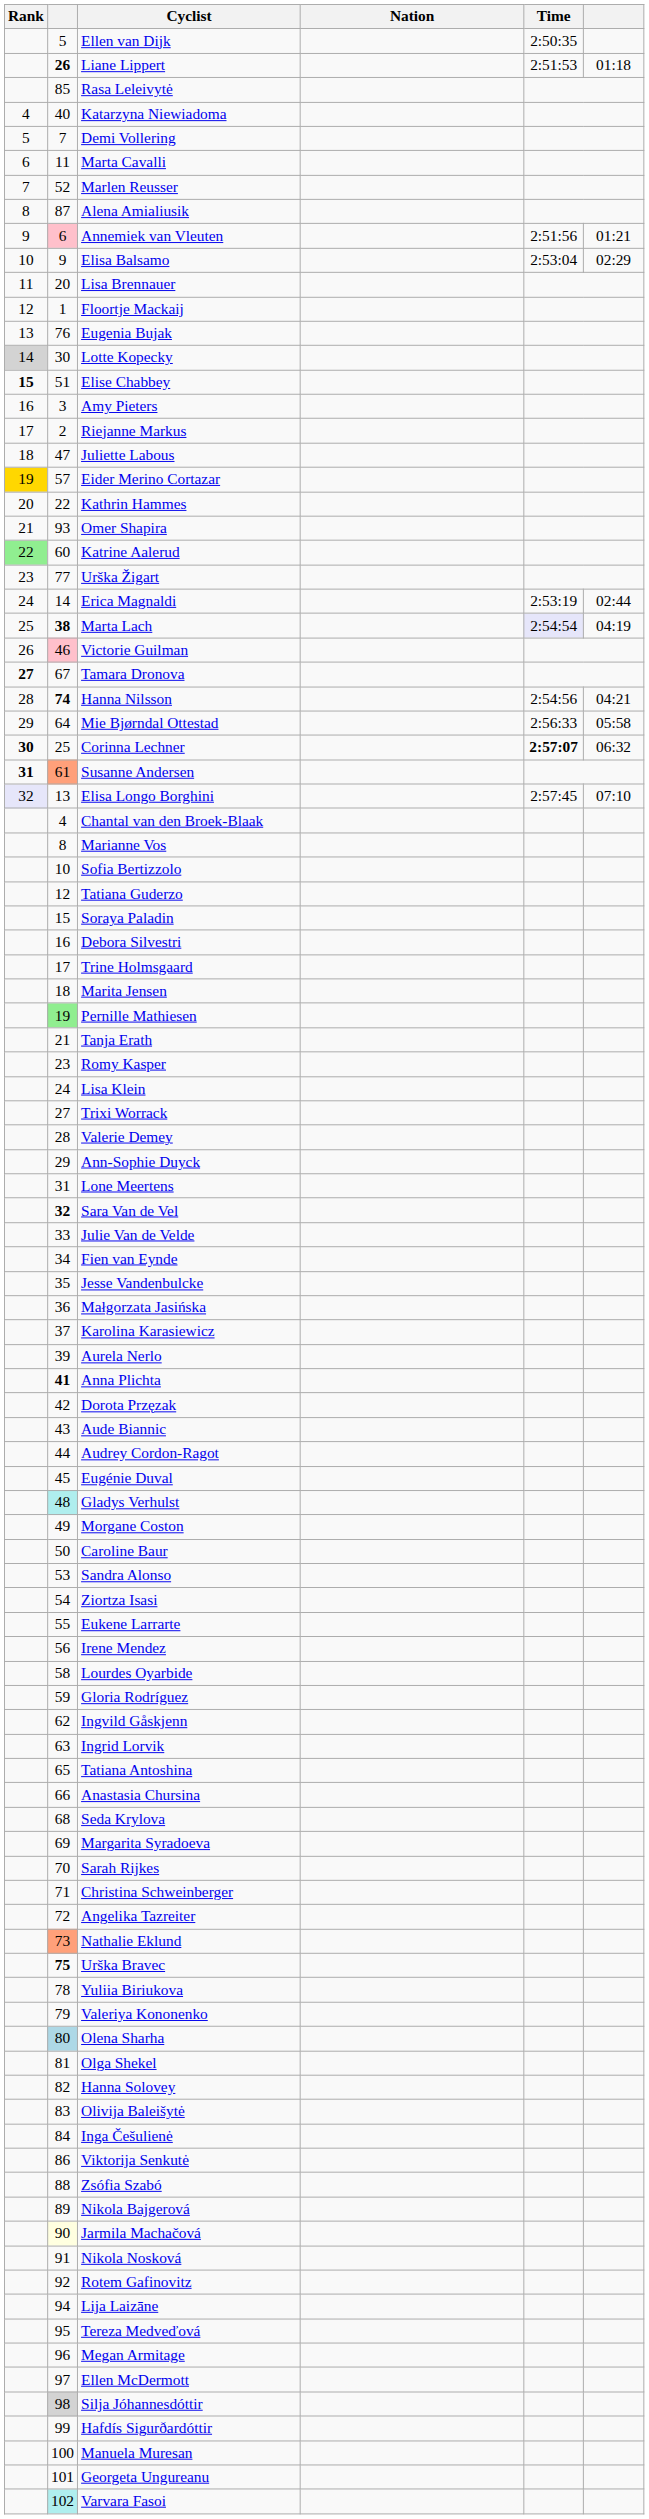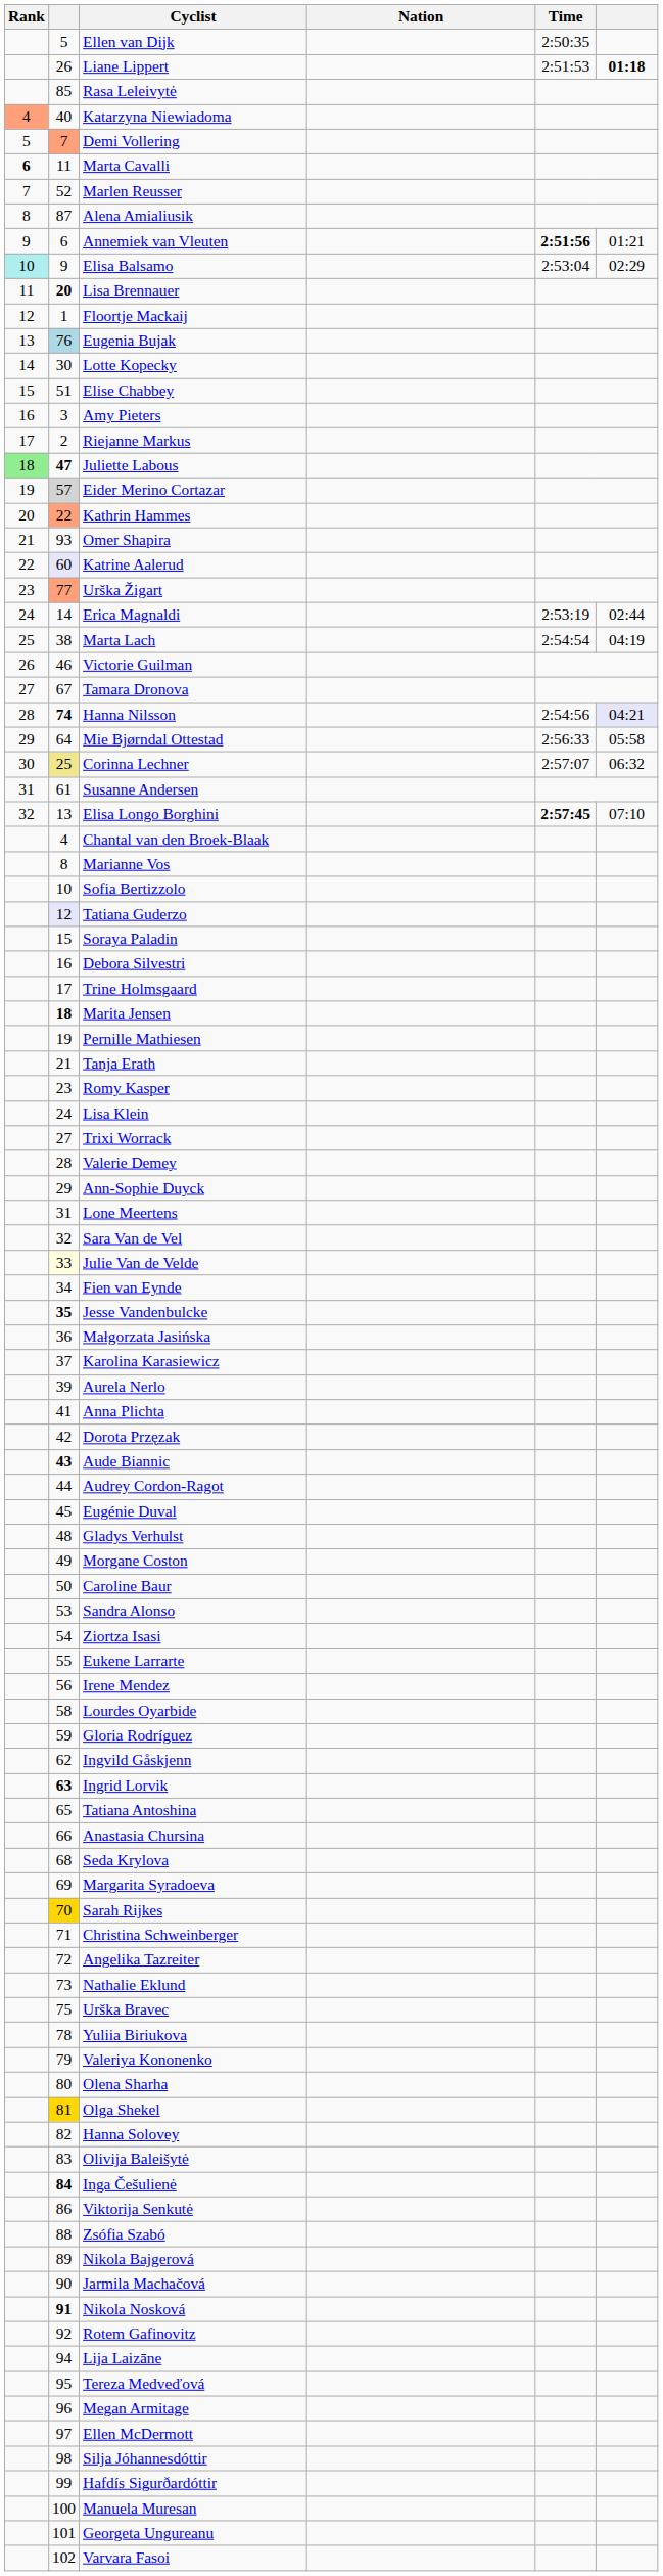 <table class="wikitable sortable" style="text-align:center">
 <tr style="background:#efefef;">
 <th width="30">Rank</th>
 <th width="20"></th>
 <th width="225">Cyclist</th>
 <th width="225">Nation</th>
 <th width="55">Time</th>
 <th width="55"></th>
 </tr>
 <tr>
 <td></td>
 <td>5</td>
 <td align="left"><a href='#'>Ellen van Dijk</a></td>
 <td align="left"></td>
 <td>2:50:35</td>
 <td></td>
 </tr>
 <tr>
 <td></td>
-<td><strong>26</strong></td>
+<td>26</td>
 <td align="left"><a href='#'>Liane Lippert</a></td>
 <td align="left"></td>
 <td>2:51:53</td>
-<td>01:18</td>
+<td><strong>01:18</strong></td>
 </tr>
 <tr>
 <td></td>
 <td>85</td>
 <td align="left"><a href='#'>Rasa Leleivytė</a></td>
 <td align="left"></td>
 <td colspan="2"></td>
 </tr>
 <tr>
-<td>4</td>
+<td style="background: lightsalmon;">4</td>
 <td>40</td>
 <td align="left"><a href='#'>Katarzyna Niewiadoma</a></td>
 <td align="left"></td>
 <td colspan="2"></td>
 </tr>
 <tr>
 <td>5</td>
-<td>7</td>
+<td style="background: lightsalmon;">7</td>
 <td align="left"><a href='#'>Demi Vollering</a></td>
 <td align="left"></td>
 <td colspan="2"></td>
 </tr>
 <tr>
-<td>6</td>
+<td><strong>6</strong></td>
 <td>11</td>
 <td align="left"><a href='#'>Marta Cavalli</a></td>
 <td align="left"></td>
 <td colspan="2"></td>
 </tr>
 <tr>
 <td>7</td>
 <td>52</td>
 <td align="left"><a href='#'>Marlen Reusser</a></td>
 <td align="left"></td>
 <td colspan="2"></td>
 </tr>
 <tr>
 <td>8</td>
 <td>87</td>
 <td align="left"><a href='#'>Alena Amialiusik</a></td>
 <td align="left"></td>
 <td colspan="2"></td>
 </tr>
 <tr>
 <td>9</td>
-<td style="background: pink;">6</td>
+<td>6</td>
 <td align="left"><a href='#'>Annemiek van Vleuten</a></td>
 <td align="left"></td>
-<td>2:51:56</td>
+<td><strong>2:51:56</strong></td>
 <td>01:21</td>
 </tr>
 <tr>
-<td>10</td>
+<td style="background: paleturquoise;">10</td>
 <td>9</td>
 <td align="left"><a href='#'>Elisa Balsamo</a></td>
 <td align="left"></td>
 <td>2:53:04</td>
 <td>02:29</td>
 </tr>
 <tr>
 <td>11</td>
-<td>20</td>
+<td><strong>20</strong></td>
 <td align="left"><a href='#'>Lisa Brennauer</a></td>
 <td align="left"></td>
 <td colspan="2"></td>
 </tr>
 <tr>
 <td>12</td>
 <td>1</td>
 <td align="left"><a href='#'>Floortje Mackaij</a></td>
 <td align="left"></td>
 <td colspan="2"></td>
 </tr>
 <tr>
 <td>13</td>
-<td>76</td>
+<td style="background: lightblue;">76</td>
 <td align="left"><a href='#'>Eugenia Bujak</a></td>
 <td align="left"></td>
 <td colspan="2"></td>
 </tr>
 <tr>
-<td style="background: lightgrey;">14</td>
+<td>14</td>
 <td>30</td>
 <td align="left"><a href='#'>Lotte Kopecky</a></td>
 <td align="left"></td>
 <td colspan="2"></td>
 </tr>
 <tr>
-<td><strong>15</strong></td>
+<td>15</td>
 <td>51</td>
 <td align="left"><a href='#'>Elise Chabbey</a></td>
 <td align="left"></td>
 <td colspan="2"></td>
 </tr>
 <tr>
 <td>16</td>
 <td>3</td>
 <td align="left"><a href='#'>Amy Pieters</a></td>
 <td align="left"></td>
 <td colspan="2"></td>
 </tr>
 <tr>
 <td>17</td>
 <td>2</td>
 <td align="left"><a href='#'>Riejanne Markus</a></td>
 <td align="left"></td>
 <td colspan="2"></td>
 </tr>
 <tr>
-<td>18</td>
-<td>47</td>
+<td style="background: lightgreen;">18</td>
+<td><strong>47</strong></td>
 <td align="left"><a href='#'>Juliette Labous</a></td>
 <td align="left"></td>
 <td colspan="2"></td>
 </tr>
 <tr>
-<td style="background: gold;">19</td>
-<td>57</td>
+<td>19</td>
+<td style="background: lightgrey;">57</td>
 <td align="left"><a href='#'>Eider Merino Cortazar</a></td>
 <td align="left"></td>
 <td colspan="2"></td>
 </tr>
 <tr>
 <td>20</td>
-<td>22</td>
+<td style="background: lightsalmon;">22</td>
 <td align="left"><a href='#'>Kathrin Hammes</a></td>
 <td align="left"></td>
 <td colspan="2"></td>
 </tr>
 <tr>
 <td>21</td>
 <td>93</td>
 <td align="left"><a href='#'>Omer Shapira</a></td>
 <td align="left"></td>
 <td colspan="2"></td>
 </tr>
 <tr>
-<td style="background: lightgreen;">22</td>
-<td>60</td>
+<td>22</td>
+<td style="background: lavender;">60</td>
 <td align="left"><a href='#'>Katrine Aalerud</a></td>
 <td align="left"></td>
 <td colspan="2"></td>
 </tr>
 <tr>
 <td>23</td>
-<td>77</td>
+<td style="background: lightsalmon;">77</td>
 <td align="left"><a href='#'>Urška Žigart</a></td>
 <td align="left"></td>
 <td colspan="2"></td>
 </tr>
 <tr>
 <td>24</td>
 <td>14</td>
 <td align="left"><a href='#'>Erica Magnaldi</a></td>
 <td align="left"></td>
 <td>2:53:19</td>
 <td>02:44</td>
 </tr>
 <tr>
 <td>25</td>
-<td><strong>38</strong></td>
+<td>38</td>
 <td align="left"><a href='#'>Marta Lach</a></td>
 <td align="left"></td>
-<td style="background: lavender;">2:54:54</td>
+<td>2:54:54</td>
 <td>04:19</td>
 </tr>
 <tr>
 <td>26</td>
-<td style="background: pink;">46</td>
+<td>46</td>
 <td align="left"><a href='#'>Victorie Guilman</a></td>
 <td align="left"></td>
 <td colspan="2"></td>
 </tr>
 <tr>
-<td><strong>27</strong></td>
+<td>27</td>
 <td>67</td>
 <td align="left"><a href='#'>Tamara Dronova</a></td>
 <td align="left"></td>
 <td colspan="2"></td>
 </tr>
 <tr>
 <td>28</td>
 <td><strong>74</strong></td>
 <td align="left"><a href='#'>Hanna Nilsson</a></td>
 <td align="left"></td>
 <td>2:54:56</td>
-<td>04:21</td>
+<td style="background: lavender;">04:21</td>
 </tr>
 <tr>
 <td>29</td>
 <td>64</td>
 <td align="left"><a href='#'>Mie Bjørndal Ottestad</a></td>
 <td align="left"></td>
 <td>2:56:33</td>
 <td>05:58</td>
 </tr>
 <tr>
-<td><strong>30</strong></td>
-<td>25</td>
+<td>30</td>
+<td style="background: khaki;">25</td>
 <td align="left"><a href='#'>Corinna Lechner</a></td>
 <td align="left"></td>
-<td><strong>2:57:07</strong></td>
+<td>2:57:07</td>
 <td>06:32</td>
 </tr>
 <tr>
-<td><strong>31</strong></td>
-<td style="background: lightsalmon;">61</td>
+<td>31</td>
+<td>61</td>
 <td align="left"><a href='#'>Susanne Andersen</a></td>
 <td align="left"></td>
 <td colspan="2"></td>
 </tr>
 <tr>
-<td style="background: lavender;">32</td>
+<td>32</td>
 <td>13</td>
 <td align="left"><a href='#'>Elisa Longo Borghini</a></td>
 <td align="left"></td>
-<td>2:57:45</td>
+<td><strong>2:57:45</strong></td>
 <td>07:10</td>
 </tr>
 <tr>
 <td></td>
 <td>4</td>
 <td align="left"><a href='#'>Chantal van den Broek-Blaak</a></td>
 <td align="left"></td>
 <td></td>
 <td></td>
 </tr>
 <tr>
 <td></td>
 <td>8</td>
 <td align="left"><a href='#'>Marianne Vos</a></td>
 <td align="left"></td>
 <td></td>
 <td></td>
 </tr>
 <tr>
 <td></td>
 <td>10</td>
 <td align="left"><a href='#'>Sofia Bertizzolo</a></td>
 <td align="left"></td>
 <td></td>
 <td></td>
 </tr>
 <tr>
 <td></td>
-<td>12</td>
+<td style="background: lavender;">12</td>
 <td align="left"><a href='#'>Tatiana Guderzo</a></td>
 <td align="left"></td>
 <td></td>
 <td></td>
 </tr>
 <tr>
 <td></td>
 <td>15</td>
 <td align="left"><a href='#'>Soraya Paladin</a></td>
 <td align="left"></td>
 <td></td>
 <td></td>
 </tr>
 <tr>
 <td></td>
 <td>16</td>
 <td align="left"><a href='#'>Debora Silvestri</a></td>
 <td align="left"></td>
 <td></td>
 <td></td>
 </tr>
 <tr>
 <td></td>
 <td>17</td>
 <td align="left"><a href='#'>Trine Holmsgaard</a></td>
 <td align="left"></td>
 <td></td>
 <td></td>
 </tr>
 <tr>
 <td></td>
-<td>18</td>
+<td><strong>18</strong></td>
 <td align="left"><a href='#'>Marita Jensen</a></td>
 <td align="left"></td>
 <td></td>
 <td></td>
 </tr>
 <tr>
 <td></td>
-<td style="background: lightgreen;">19</td>
+<td>19</td>
 <td align="left"><a href='#'>Pernille Mathiesen</a></td>
 <td align="left"></td>
 <td></td>
 <td></td>
 </tr>
 <tr>
 <td></td>
 <td>21</td>
 <td align="left"><a href='#'>Tanja Erath</a></td>
 <td align="left"></td>
 <td></td>
 <td></td>
 </tr>
 <tr>
 <td></td>
 <td>23</td>
 <td align="left"><a href='#'>Romy Kasper</a></td>
 <td align="left"></td>
 <td></td>
 <td></td>
 </tr>
 <tr>
 <td></td>
 <td>24</td>
 <td align="left"><a href='#'>Lisa Klein</a></td>
 <td align="left"></td>
 <td></td>
 <td></td>
 </tr>
 <tr>
 <td></td>
 <td>27</td>
 <td align="left"><a href='#'>Trixi Worrack</a></td>
 <td align="left"></td>
 <td></td>
 <td></td>
 </tr>
 <tr>
 <td></td>
 <td>28</td>
 <td align="left"><a href='#'>Valerie Demey</a></td>
 <td align="left"></td>
 <td></td>
 <td></td>
 </tr>
 <tr>
 <td></td>
 <td>29</td>
 <td align="left"><a href='#'>Ann-Sophie Duyck</a></td>
 <td align="left"></td>
 <td></td>
 <td></td>
 </tr>
 <tr>
 <td></td>
 <td>31</td>
 <td align="left"><a href='#'>Lone Meertens</a></td>
 <td align="left"></td>
 <td></td>
 <td></td>
 </tr>
 <tr>
 <td></td>
-<td><strong>32</strong></td>
+<td>32</td>
 <td align="left"><a href='#'>Sara Van de Vel</a></td>
 <td align="left"></td>
 <td></td>
 <td></td>
 </tr>
 <tr>
 <td></td>
-<td>33</td>
+<td style="background: lightyellow;">33</td>
 <td align="left"><a href='#'>Julie Van de Velde</a></td>
 <td align="left"></td>
 <td></td>
 <td></td>
 </tr>
 <tr>
 <td></td>
 <td>34</td>
 <td align="left"><a href='#'>Fien van Eynde</a></td>
 <td align="left"></td>
 <td></td>
 <td></td>
 </tr>
 <tr>
 <td></td>
-<td>35</td>
+<td><strong>35</strong></td>
 <td align="left"><a href='#'>Jesse Vandenbulcke</a></td>
 <td align="left"></td>
 <td></td>
 <td></td>
 </tr>
 <tr>
 <td></td>
 <td>36</td>
 <td align="left"><a href='#'>Małgorzata Jasińska</a></td>
 <td align="left"></td>
 <td></td>
 <td></td>
 </tr>
 <tr>
 <td></td>
 <td>37</td>
 <td align="left"><a href='#'>Karolina Karasiewicz</a></td>
 <td align="left"></td>
 <td></td>
 <td></td>
 </tr>
 <tr>
 <td></td>
 <td>39</td>
 <td align="left"><a href='#'>Aurela Nerlo</a></td>
 <td align="left"></td>
 <td></td>
 <td></td>
 </tr>
 <tr>
 <td></td>
-<td><strong>41</strong></td>
+<td>41</td>
 <td align="left"><a href='#'>Anna Plichta</a></td>
 <td align="left"></td>
 <td></td>
 <td></td>
 </tr>
 <tr>
 <td></td>
 <td>42</td>
 <td align="left"><a href='#'>Dorota Przęzak</a></td>
 <td align="left"></td>
 <td></td>
 <td></td>
 </tr>
 <tr>
 <td></td>
-<td>43</td>
+<td><strong>43</strong></td>
 <td align="left"><a href='#'>Aude Biannic</a></td>
 <td align="left"></td>
 <td></td>
 <td></td>
 </tr>
 <tr>
 <td></td>
 <td>44</td>
 <td align="left"><a href='#'>Audrey Cordon-Ragot</a></td>
 <td align="left"></td>
 <td></td>
 <td></td>
 </tr>
 <tr>
 <td></td>
 <td>45</td>
 <td align="left"><a href='#'>Eugénie Duval</a></td>
 <td align="left"></td>
 <td></td>
 <td></td>
 </tr>
 <tr>
 <td></td>
-<td style="background: paleturquoise;">48</td>
+<td>48</td>
 <td align="left"><a href='#'>Gladys Verhulst</a></td>
 <td align="left"></td>
 <td></td>
 <td></td>
 </tr>
 <tr>
 <td></td>
 <td>49</td>
 <td align="left"><a href='#'>Morgane Coston</a></td>
 <td align="left"></td>
 <td></td>
 <td></td>
 </tr>
 <tr>
 <td></td>
 <td>50</td>
 <td align="left"><a href='#'>Caroline Baur</a></td>
 <td align="left"></td>
 <td></td>
 <td></td>
 </tr>
 <tr>
 <td></td>
 <td>53</td>
 <td align="left"><a href='#'>Sandra Alonso</a></td>
 <td align="left"></td>
 <td></td>
 <td></td>
 </tr>
 <tr>
 <td></td>
 <td>54</td>
 <td align="left"><a href='#'>Ziortza Isasi</a></td>
 <td align="left"></td>
 <td></td>
 <td></td>
 </tr>
 <tr>
 <td></td>
 <td>55</td>
 <td align="left"><a href='#'>Eukene Larrarte</a></td>
 <td align="left"></td>
 <td></td>
 <td></td>
 </tr>
 <tr>
 <td></td>
 <td>56</td>
 <td align="left"><a href='#'>Irene Mendez</a></td>
 <td align="left"></td>
 <td></td>
 <td></td>
 </tr>
 <tr>
 <td></td>
 <td>58</td>
 <td align="left"><a href='#'>Lourdes Oyarbide</a></td>
 <td align="left"></td>
 <td></td>
 <td></td>
 </tr>
 <tr>
 <td></td>
 <td>59</td>
 <td align="left"><a href='#'>Gloria Rodríguez</a></td>
 <td align="left"></td>
 <td></td>
 <td></td>
 </tr>
 <tr>
 <td></td>
 <td>62</td>
 <td align="left"><a href='#'>Ingvild Gåskjenn</a></td>
 <td align="left"></td>
 <td></td>
 <td></td>
 </tr>
 <tr>
 <td></td>
-<td>63</td>
+<td><strong>63</strong></td>
 <td align="left"><a href='#'>Ingrid Lorvik</a></td>
 <td align="left"></td>
 <td></td>
 <td></td>
 </tr>
 <tr>
 <td></td>
 <td>65</td>
 <td align="left"><a href='#'>Tatiana Antoshina</a></td>
 <td align="left"></td>
 <td></td>
 <td></td>
 </tr>
 <tr>
 <td></td>
 <td>66</td>
 <td align="left"><a href='#'>Anastasia Chursina</a></td>
 <td align="left"></td>
 <td></td>
 <td></td>
 </tr>
 <tr>
 <td></td>
 <td>68</td>
 <td align="left"><a href='#'>Seda Krylova</a></td>
 <td align="left"></td>
 <td></td>
 <td></td>
 </tr>
 <tr>
 <td></td>
 <td>69</td>
 <td align="left"><a href='#'>Margarita Syradoeva</a></td>
 <td align="left"></td>
 <td></td>
 <td></td>
 </tr>
 <tr>
 <td></td>
-<td>70</td>
+<td style="background: gold;">70</td>
 <td align="left"><a href='#'>Sarah Rijkes</a></td>
 <td align="left"></td>
 <td></td>
 <td></td>
 </tr>
 <tr>
 <td></td>
 <td>71</td>
 <td align="left"><a href='#'>Christina Schweinberger</a></td>
 <td align="left"></td>
 <td></td>
 <td></td>
 </tr>
 <tr>
 <td></td>
 <td>72</td>
 <td align="left"><a href='#'>Angelika Tazreiter</a></td>
 <td align="left"></td>
 <td></td>
 <td></td>
 </tr>
 <tr>
 <td></td>
-<td style="background: lightsalmon;">73</td>
+<td>73</td>
 <td align="left"><a href='#'>Nathalie Eklund</a></td>
 <td align="left"></td>
 <td></td>
 <td></td>
 </tr>
 <tr>
 <td></td>
-<td><strong>75</strong></td>
+<td>75</td>
 <td align="left"><a href='#'>Urška Bravec</a></td>
 <td align="left"></td>
 <td></td>
 <td></td>
 </tr>
 <tr>
 <td></td>
 <td>78</td>
 <td align="left"><a href='#'>Yuliia Biriukova</a></td>
 <td align="left"></td>
 <td></td>
 <td></td>
 </tr>
 <tr>
 <td></td>
 <td>79</td>
 <td align="left"><a href='#'>Valeriya Kononenko</a></td>
 <td align="left"></td>
 <td></td>
 <td></td>
 </tr>
 <tr>
 <td></td>
-<td style="background: lightblue;">80</td>
+<td>80</td>
 <td align="left"><a href='#'>Olena Sharha</a></td>
 <td align="left"></td>
 <td></td>
 <td></td>
 </tr>
 <tr>
 <td></td>
-<td>81</td>
+<td style="background: gold;">81</td>
 <td align="left"><a href='#'>Olga Shekel</a></td>
 <td align="left"></td>
 <td></td>
 <td></td>
 </tr>
 <tr>
 <td></td>
 <td>82</td>
 <td align="left"><a href='#'>Hanna Solovey</a></td>
 <td align="left"></td>
 <td></td>
 <td></td>
 </tr>
 <tr>
 <td></td>
 <td>83</td>
 <td align="left"><a href='#'>Olivija Baleišytė</a></td>
 <td align="left"></td>
 <td></td>
 <td></td>
 </tr>
 <tr>
 <td></td>
-<td>84</td>
+<td><strong>84</strong></td>
 <td align="left"><a href='#'>Inga Češulienė</a></td>
 <td align="left"></td>
 <td></td>
 <td></td>
 </tr>
 <tr>
 <td></td>
 <td>86</td>
 <td align="left"><a href='#'>Viktorija Senkutė</a></td>
 <td align="left"></td>
 <td></td>
 <td></td>
 </tr>
 <tr>
 <td></td>
 <td>88</td>
 <td align="left"><a href='#'>Zsófia Szabó</a></td>
 <td align="left"></td>
 <td></td>
 <td></td>
 </tr>
 <tr>
 <td></td>
 <td>89</td>
 <td align="left"><a href='#'>Nikola Bajgerová</a></td>
 <td align="left"></td>
 <td></td>
 <td></td>
 </tr>
 <tr>
 <td></td>
-<td style="background: lightyellow;">90</td>
+<td>90</td>
 <td align="left"><a href='#'>Jarmila Machačová</a></td>
 <td align="left"></td>
 <td></td>
 <td></td>
 </tr>
 <tr>
 <td></td>
-<td>91</td>
+<td><strong>91</strong></td>
 <td align="left"><a href='#'>Nikola Nosková</a></td>
 <td align="left"></td>
 <td></td>
 <td></td>
 </tr>
 <tr>
 <td></td>
 <td>92</td>
 <td align="left"><a href='#'>Rotem Gafinovitz</a></td>
 <td align="left"></td>
 <td></td>
 <td></td>
 </tr>
 <tr>
 <td></td>
 <td>94</td>
 <td align="left"><a href='#'>Lija Laizāne</a></td>
 <td align="left"></td>
 <td></td>
 <td></td>
 </tr>
 <tr>
 <td></td>
 <td>95</td>
 <td align="left"><a href='#'>Tereza Medveďová</a></td>
 <td align="left"></td>
 <td></td>
 <td></td>
 </tr>
 <tr>
 <td></td>
 <td>96</td>
 <td align="left"><a href='#'>Megan Armitage</a></td>
 <td align="left"></td>
 <td></td>
 <td></td>
 </tr>
 <tr>
 <td></td>
 <td>97</td>
 <td align="left"><a href='#'>Ellen McDermott</a></td>
 <td align="left"></td>
 <td></td>
 <td></td>
 </tr>
 <tr>
 <td></td>
-<td style="background: lightgrey;">98</td>
+<td>98</td>
 <td align="left"><a href='#'>Silja Jóhannesdóttir</a></td>
 <td align="left"></td>
 <td></td>
 <td></td>
 </tr>
 <tr>
 <td></td>
 <td>99</td>
 <td align="left"><a href='#'>Hafdís Sigurðardóttir</a></td>
 <td align="left"></td>
 <td></td>
 <td></td>
 </tr>
 <tr>
 <td></td>
 <td>100</td>
 <td align="left"><a href='#'>Manuela Muresan</a></td>
 <td align="left"></td>
 <td></td>
 <td></td>
 </tr>
 <tr>
 <td></td>
 <td>101</td>
 <td align="left"><a href='#'>Georgeta Ungureanu</a></td>
 <td align="left"></td>
 <td></td>
 <td></td>
 </tr>
 <tr>
 <td></td>
-<td style="background: paleturquoise;">102</td>
+<td>102</td>
 <td align="left"><a href='#'>Varvara Fasoi</a></td>
 <td align="left"></td>
 <td></td>
 <td></td>
 </tr>
 </table>
